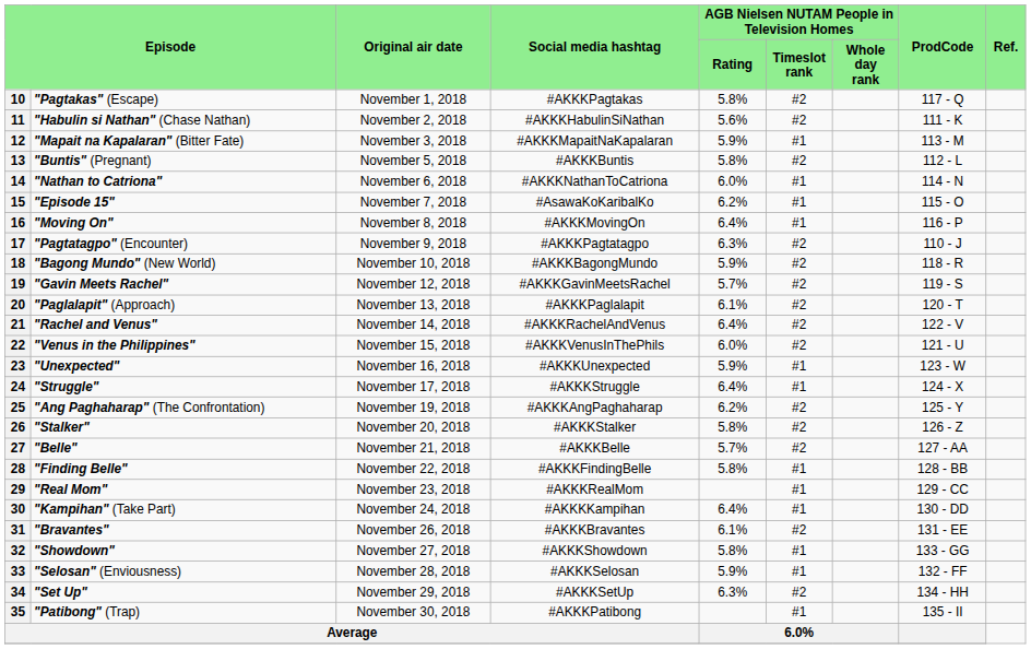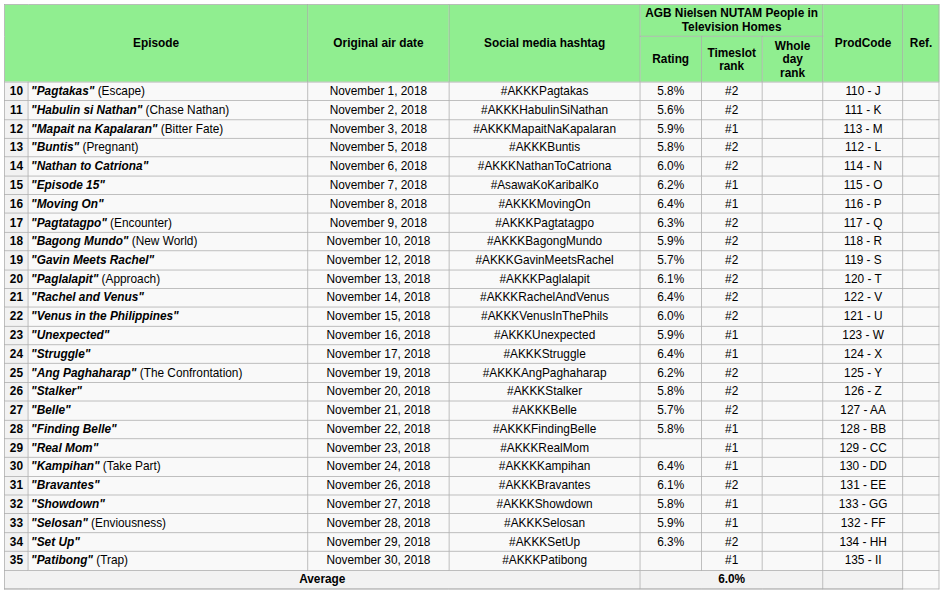 <table class="wikitable" style="text-align:center; font-size:100%; line-height:18px;" width="100%">
 <tr>
 <th style="background-color:#90EE90; color:#000000;" colspan="2" rowspan="2">Episode</th>
 <th style="background-color:#90EE90; color:black" rowspan="2">Original air date</th>
 <th style="background-color:#90EE90; color:black" rowspan="2">Social media hashtag</th>
 <th style="background-color:#90EE90; color:#000000;" colspan="3">AGB Nielsen NUTAM People in Television Homes</th>
 <th style="background-color:#90EE90;  color:#000000;" rowspan="2">ProdCode</th>
 <th style="background-color:#90EE90;  color:#000000;" rowspan="2">Ref.</th>
 </tr>
 <tr>
 <th style="background-color:#90EE90; width:75px; color:#000000;">Rating</th>
 <th style="background-color:#90EE90;  width:75px; color:#000000;">Timeslot<br>rank</th>
 <th style="background-color:#90EE90; width:75px; color:#000000;">Whole day<br>rank</th>
 </tr>
 <tr>
 <th>10</th>
 <td style="text-align: left;"><strong><em>"Pagtakas"</em></strong> (Escape)</td>
 <td>November 1, 2018</td>
 <td>#AKKKPagtakas</td>
 <td>5.8%</td>
 <td>#2</td>
 <td></td>
-<td>117 - Q</td>
+<td>110 - J</td>
 <td></td>
 </tr>
 <tr>
 <th>11</th>
 <td style="text-align: left;"><strong><em>"Habulin si Nathan"</em></strong> (Chase Nathan)</td>
 <td>November 2, 2018</td>
 <td>#AKKKHabulinSiNathan</td>
 <td>5.6%</td>
 <td>#2</td>
 <td></td>
 <td>111 - K</td>
 <td></td>
 </tr>
 <tr>
 <th>12</th>
 <td style="text-align: left;"><strong><em>"Mapait na Kapalaran"</em></strong> (Bitter Fate)</td>
 <td>November 3, 2018</td>
 <td>#AKKKMapaitNaKapalaran</td>
 <td>5.9%</td>
 <td>#1</td>
 <td></td>
 <td>113 - M</td>
 <td></td>
 </tr>
 <tr>
 <th>13</th>
 <td style="text-align: left;"><strong><em>"Buntis"</em></strong> (Pregnant)</td>
 <td>November 5, 2018</td>
 <td>#AKKKBuntis</td>
 <td>5.8%</td>
 <td>#2</td>
 <td></td>
 <td>112 - L</td>
 <td></td>
 </tr>
 <tr>
 <th>14</th>
 <td style="text-align: left;"><strong><em>"Nathan to Catriona"</em></strong></td>
 <td>November 6, 2018</td>
 <td>#AKKKNathanToCatriona</td>
 <td>6.0%</td>
-<td>#1</td>
+<td>#2</td>
 <td></td>
 <td>114 - N</td>
 <td></td>
 </tr>
 <tr>
 <th>15</th>
 <td style="text-align: left;"><strong><em>"Episode 15"</em></strong></td>
 <td>November 7, 2018</td>
 <td>#AsawaKoKaribalKo</td>
 <td>6.2%</td>
 <td>#1</td>
 <td></td>
 <td>115 - O</td>
 <td></td>
 </tr>
 <tr>
 <th>16</th>
 <td style="text-align: left;"><strong><em>"Moving On"</em></strong></td>
 <td>November 8, 2018</td>
 <td>#AKKKMovingOn</td>
 <td>6.4%</td>
 <td>#1</td>
 <td></td>
 <td>116 - P</td>
 <td></td>
 </tr>
 <tr>
 <th>17</th>
 <td style="text-align: left;"><strong><em>"Pagtatagpo"</em></strong> (Encounter)</td>
 <td>November 9, 2018</td>
 <td>#AKKKPagtatagpo</td>
 <td>6.3%</td>
 <td>#2</td>
 <td></td>
-<td>110 - J</td>
+<td>117 - Q</td>
 <td></td>
 </tr>
 <tr>
 <th>18</th>
 <td style="text-align: left;"><strong><em>"Bagong Mundo"</em></strong> (New World)</td>
 <td>November 10, 2018</td>
 <td>#AKKKBagongMundo</td>
 <td>5.9%</td>
 <td>#2</td>
 <td></td>
 <td>118 - R</td>
 <td></td>
 </tr>
 <tr>
 <th>19</th>
 <td style="text-align: left;"><strong><em>"Gavin Meets Rachel"</em></strong></td>
 <td>November 12, 2018</td>
 <td>#AKKKGavinMeetsRachel</td>
 <td>5.7%</td>
 <td>#2</td>
 <td></td>
 <td>119 - S</td>
 <td></td>
 </tr>
 <tr>
 <th>20</th>
 <td style="text-align: left;"><strong><em>"Paglalapit"</em></strong> (Approach)</td>
 <td>November 13, 2018</td>
 <td>#AKKKPaglalapit</td>
 <td>6.1%</td>
 <td>#2</td>
 <td></td>
 <td>120 - T</td>
 <td></td>
 </tr>
 <tr>
 <th>21</th>
 <td style="text-align: left;"><strong><em>"Rachel and Venus"</em></strong></td>
 <td>November 14, 2018</td>
 <td>#AKKKRachelAndVenus</td>
 <td>6.4%</td>
 <td>#2</td>
 <td></td>
 <td>122 - V</td>
 <td></td>
 </tr>
 <tr>
 <th>22</th>
 <td style="text-align: left;"><strong><em>"Venus in the Philippines"</em></strong></td>
 <td>November 15, 2018</td>
 <td>#AKKKVenusInThePhils</td>
 <td>6.0%</td>
 <td>#2</td>
 <td></td>
 <td>121 - U</td>
 <td></td>
 </tr>
 <tr>
 <th>23</th>
 <td style="text-align: left;"><strong><em>"Unexpected"</em></strong></td>
 <td>November 16, 2018</td>
 <td>#AKKKUnexpected</td>
 <td>5.9%</td>
 <td>#1</td>
 <td></td>
 <td>123 - W</td>
 <td></td>
 </tr>
 <tr>
 <th>24</th>
 <td style="text-align: left;"><strong><em>"Struggle"</em></strong></td>
 <td>November 17, 2018</td>
 <td>#AKKKStruggle</td>
 <td>6.4%</td>
 <td>#1</td>
 <td></td>
 <td>124 - X</td>
 <td></td>
 </tr>
 <tr>
 <th>25</th>
 <td style="text-align: left;"><strong><em>"Ang Paghaharap"</em></strong>  (The Confrontation)</td>
 <td>November 19, 2018</td>
 <td>#AKKKAngPaghaharap</td>
 <td>6.2%</td>
 <td>#2</td>
 <td></td>
 <td>125 - Y</td>
 <td></td>
 </tr>
 <tr>
 <th>26</th>
 <td style="text-align: left;"><strong><em>"Stalker"</em></strong></td>
 <td>November 20, 2018</td>
 <td>#AKKKStalker</td>
 <td>5.8%</td>
 <td>#2</td>
 <td></td>
 <td>126 - Z</td>
 <td></td>
 </tr>
 <tr>
 <th>27</th>
 <td style="text-align: left;"><strong><em>"Belle"</em></strong></td>
 <td>November 21, 2018</td>
 <td>#AKKKBelle</td>
 <td>5.7%</td>
 <td>#2</td>
 <td></td>
 <td>127 - AA</td>
 <td></td>
 </tr>
 <tr>
 <th>28</th>
 <td style="text-align: left;"><strong><em>"Finding Belle"</em></strong></td>
 <td>November 22, 2018</td>
 <td>#AKKKFindingBelle</td>
 <td>5.8%</td>
 <td>#1</td>
 <td></td>
 <td>128 - BB</td>
 <td></td>
 </tr>
 <tr>
 <th>29</th>
 <td style="text-align: left;"><strong><em>"Real Mom"</em></strong></td>
 <td>November 23, 2018</td>
 <td>#AKKKRealMom</td>
 <td></td>
 <td>#1</td>
 <td></td>
 <td>129 - CC</td>
 <td></td>
 </tr>
 <tr>
 <th>30</th>
 <td style="text-align: left;"><strong><em>"Kampihan"</em></strong> (Take Part)</td>
 <td>November 24, 2018</td>
 <td>#AKKKKampihan</td>
 <td>6.4%</td>
 <td>#1</td>
 <td></td>
 <td>130 - DD</td>
 <td></td>
 </tr>
 <tr>
 <th>31</th>
 <td style="text-align: left;"><strong><em>"Bravantes"</em></strong></td>
 <td>November 26, 2018</td>
 <td>#AKKKBravantes</td>
 <td>6.1%</td>
 <td>#2</td>
 <td></td>
 <td>131 - EE</td>
 <td></td>
 </tr>
 <tr>
 <th>32</th>
 <td style="text-align: left;"><strong><em>"Showdown"</em></strong></td>
 <td>November 27, 2018</td>
 <td>#AKKKShowdown</td>
 <td>5.8%</td>
 <td>#1</td>
 <td></td>
 <td>133 - GG</td>
 <td></td>
 </tr>
 <tr>
 <th>33</th>
 <td style="text-align: left;"><strong><em>"Selosan"</em></strong> (Enviousness)</td>
 <td>November 28, 2018</td>
 <td>#AKKKSelosan</td>
 <td>5.9%</td>
 <td>#1</td>
 <td></td>
 <td>132 - FF</td>
 <td></td>
 </tr>
 <tr>
 <th>34</th>
 <td style="text-align: left;"><strong><em>"Set Up"</em></strong></td>
 <td>November 29, 2018</td>
 <td>#AKKKSetUp</td>
 <td>6.3%</td>
 <td>#2</td>
 <td></td>
 <td>134 - HH</td>
 <td></td>
 </tr>
 <tr>
 <th>35</th>
 <td style="text-align: left;"><strong><em>"Patibong"</em></strong> (Trap)</td>
 <td>November 30, 2018</td>
 <td>#AKKKPatibong</td>
 <td></td>
 <td>#1</td>
 <td></td>
 <td>135 - II</td>
 <td></td>
 </tr>
 <tr>
 <th colspan="4">Average</th>
 <th colspan="3">6.0%</th>
 <th></th>
 </tr>
 <tr>
 </tr>
 </table>
